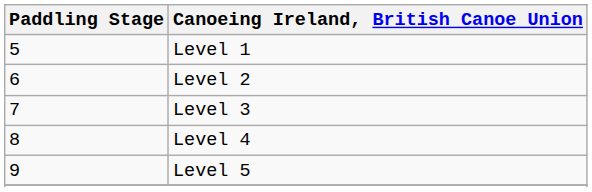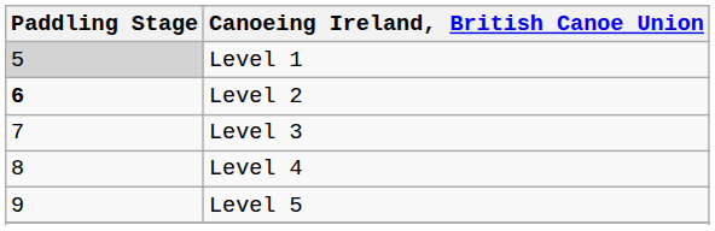 <table class="wikitable">
 <tr>
 <th>Paddling Stage</th>
 <th>Canoeing Ireland, <a href='#'>British Canoe Union</a></th>
 </tr>
 <tr style="text-align:left;">
-<td>5</td>
+<td style="background: lightgrey;">5</td>
 <td>Level 1</td>
 </tr>
 <tr style="text-align:left;">
-<td>6</td>
+<td><strong>6</strong></td>
 <td>Level 2</td>
 </tr>
 <tr style="text-align:left;">
 <td>7</td>
 <td>Level 3</td>
 </tr>
 <tr style="text-align:left;">
 <td>8</td>
 <td>Level 4</td>
 </tr>
 <tr style="text-align:left;">
 <td>9</td>
 <td>Level 5</td>
 </tr>
 <tr style="text-align:left;">
 </tr>
 <tr>
 </tr>
 </table>
